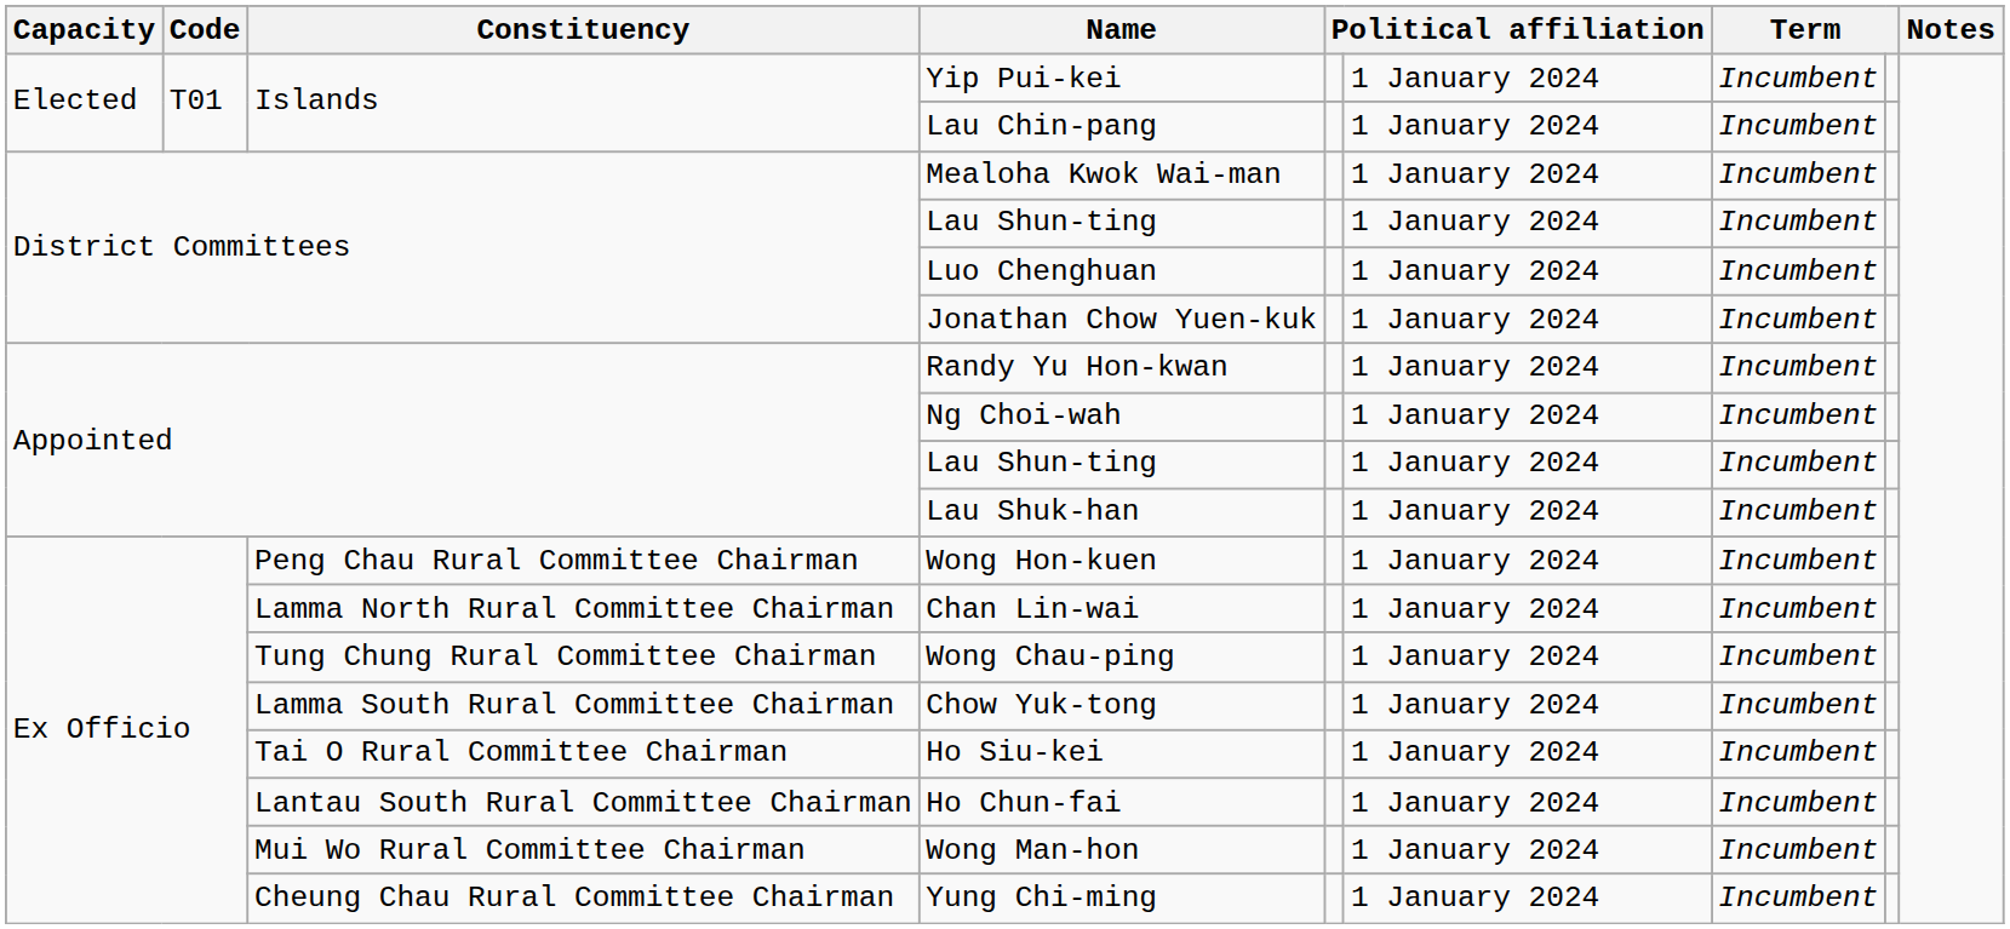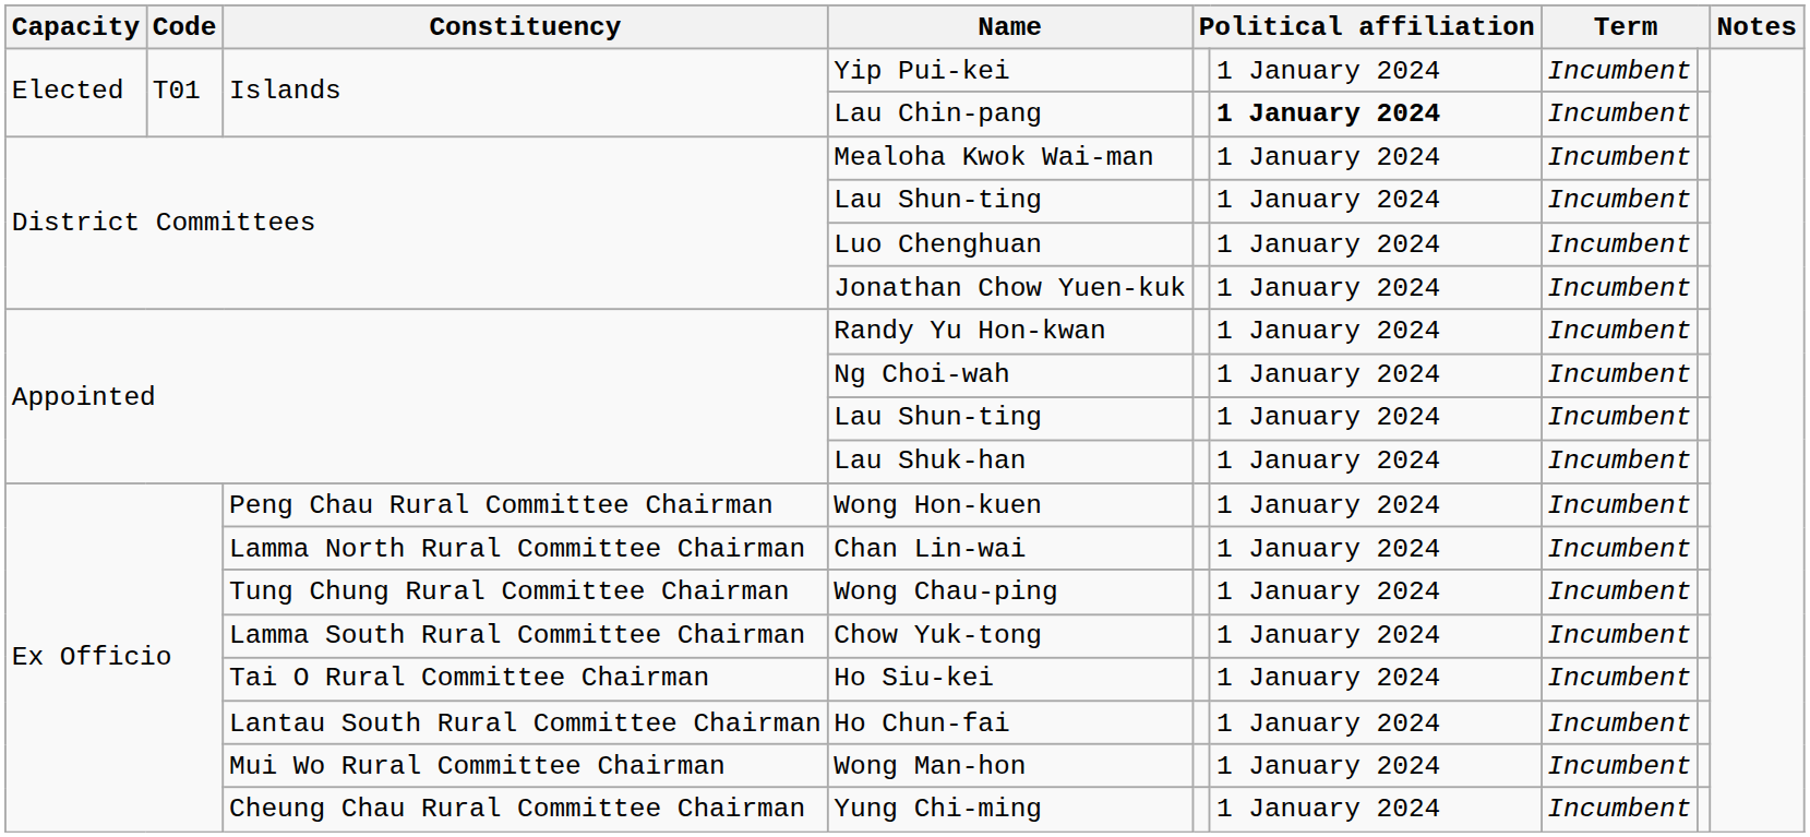 <table class="wikitable sortable" border=1>
 <tr>
 <th>Capacity</th>
 <th>Code</th>
 <th>Constituency</th>
 <th>Name</th>
 <th colspan=2>Political affiliation</th>
 <th colspan="2">Term</th>
 <th class="unsortable">Notes</th>
 </tr>
 <tr>
 <td rowspan="2">Elected</td>
 <td rowspan="2">T01</td>
 <td rowspan="2">Islands</td>
 <td>Yip Pui-kei</td>
 <td></td>
 <td>1 January 2024</td>
 <td><em>Incumbent</em></td>
 <td></td>
 </tr>
 <tr>
 <td>Lau Chin-pang</td>
 <td></td>
-<td>1 January 2024</td>
+<td><strong>1 January 2024</strong></td>
 <td><em>Incumbent</em></td>
 <td></td>
 </tr>
 <tr>
 <td colspan="3" rowspan="4">District Committees</td>
 <td>Mealoha Kwok Wai-man</td>
 <td></td>
 <td>1 January 2024</td>
 <td><em>Incumbent</em></td>
 <td></td>
 </tr>
 <tr>
 <td>Lau Shun-ting</td>
 <td></td>
 <td>1 January 2024</td>
 <td><em>Incumbent</em></td>
 <td></td>
 </tr>
 <tr>
 <td>Luo Chenghuan</td>
 <td></td>
 <td>1 January 2024</td>
 <td><em>Incumbent</em></td>
 <td></td>
 </tr>
 <tr>
 <td>Jonathan Chow Yuen-kuk</td>
 <td></td>
 <td>1 January 2024</td>
 <td><em>Incumbent</em></td>
 <td></td>
 </tr>
 <tr>
 <td colspan="3" rowspan="4">Appointed</td>
 <td>Randy Yu Hon-kwan</td>
 <td></td>
 <td>1 January 2024</td>
 <td><em>Incumbent</em></td>
 <td></td>
 </tr>
 <tr>
 <td>Ng Choi-wah</td>
 <td></td>
 <td>1 January 2024</td>
 <td><em>Incumbent</em></td>
 <td></td>
 </tr>
 <tr>
 <td>Lau Shun-ting</td>
 <td></td>
 <td>1 January 2024</td>
 <td><em>Incumbent</em></td>
 <td></td>
 </tr>
 <tr>
 <td>Lau Shuk-han</td>
 <td></td>
 <td>1 January 2024</td>
 <td><em>Incumbent</em></td>
 <td></td>
 </tr>
 <tr>
 <td colspan="2" rowspan="8">Ex Officio</td>
 <td>Peng Chau Rural Committee Chairman</td>
 <td>Wong Hon-kuen</td>
 <td></td>
 <td>1 January 2024</td>
 <td><em>Incumbent</em></td>
 <td></td>
 </tr>
 <tr>
 <td>Lamma North Rural Committee Chairman</td>
 <td>Chan Lin-wai</td>
 <td></td>
 <td>1 January 2024</td>
 <td><em>Incumbent</em></td>
 <td></td>
 </tr>
 <tr>
 <td>Tung Chung Rural Committee Chairman</td>
 <td>Wong Chau-ping</td>
 <td></td>
 <td>1 January 2024</td>
 <td><em>Incumbent</em></td>
 <td></td>
 </tr>
 <tr>
 <td>Lamma South Rural Committee Chairman</td>
 <td>Chow Yuk-tong</td>
 <td></td>
 <td>1 January 2024</td>
 <td><em>Incumbent</em></td>
 <td></td>
 </tr>
 <tr>
 <td>Tai O Rural Committee Chairman</td>
 <td>Ho Siu-kei</td>
 <td></td>
 <td>1 January 2024</td>
 <td><em>Incumbent</em></td>
 <td></td>
 </tr>
 <tr>
 <td>Lantau South Rural Committee Chairman</td>
 <td>Ho Chun-fai</td>
 <td></td>
 <td>1 January 2024</td>
 <td><em>Incumbent</em></td>
 <td></td>
 </tr>
 <tr>
 <td>Mui Wo Rural Committee Chairman</td>
 <td>Wong Man-hon</td>
 <td></td>
 <td>1 January 2024</td>
 <td><em>Incumbent</em></td>
 <td></td>
 </tr>
 <tr>
 <td>Cheung Chau Rural Committee Chairman</td>
 <td>Yung Chi-ming</td>
 <td></td>
 <td>1 January 2024</td>
 <td><em>Incumbent</em></td>
 <td></td>
 </tr>
 </table>
